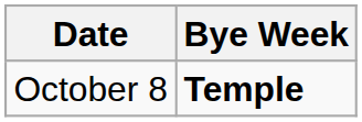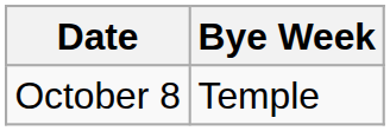 <table class="wikitable" style="font-size:95%;">
 <tr>
 <th>Date</th>
 <th colspan="3">Bye Week</th>
 </tr>
 <tr>
 <td>October 8</td>
-<td><strong>Temple</strong></td>
+<td>Temple</td>
 </tr>
 </table>
